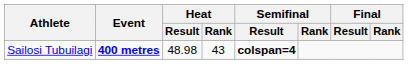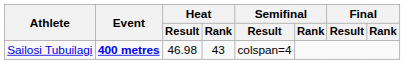 <table class=wikitable style=font-size:90%>
 <tr>
 <th rowspan=2>Athlete</th>
 <th rowspan=2>Event</th>
 <th colspan=2>Heat</th>
 <th colspan=2>Semifinal</th>
 <th colspan=2>Final</th>
 </tr>
 <tr style=font-size:95%>
 <th>Result</th>
 <th>Rank</th>
 <th>Result</th>
 <th>Rank</th>
 <th>Result</th>
 <th>Rank</th>
 </tr>
 <tr align=center>
 <td align=left><a href='#'>Sailosi Tubuilagi</a></td>
 <td align=left><strong><a href='#'>400 metres</a></strong></td>
-<td>48.98</td>
+<td>46.98</td>
 <td>43</td>
-<td><strong>colspan=4 </strong></td>
+<td>colspan=4 </td>
 </tr>
 </table>
